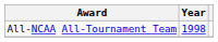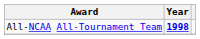 <table class="wikitable">
 <tr>
 <th>Award</th>
 <th>Year</th>
 <th></th>
 </tr>
 <tr>
 <td>All-<a href='#'>NCAA</a> <a href='#'>All-Tournament Team</a></td>
-<td><a href='#'>1998</a></td>
+<td><strong><a href='#'>1998</a></strong></td>
 <td></td>
 </tr>
 <tr>
 </tr>
 </table>
